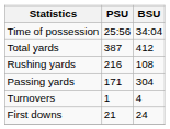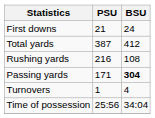 <table class="wikitable" style="float: left;">
 <tr>
 <th>Statistics</th>
 <th>PSU</th>
 <th>BSU</th>
 </tr>
 <tr>
-<td>Time of possession</td>
-<td>25:56</td>
-<td>34:04</td>
+<td>First downs</td>
+<td>21</td>
+<td>24</td>
 </tr>
 <tr>
 <td>Total yards</td>
 <td>387</td>
 <td>412</td>
 </tr>
 <tr>
 <td>Rushing yards</td>
 <td>216</td>
 <td>108</td>
 </tr>
 <tr>
 <td>Passing yards</td>
 <td>171</td>
-<td>304</td>
+<td><strong>304</strong></td>
 </tr>
 <tr>
 <td>Turnovers</td>
 <td>1</td>
 <td>4</td>
 </tr>
 <tr>
-<td>First downs</td>
-<td>21</td>
-<td>24</td>
+<td>Time of possession</td>
+<td>25:56</td>
+<td>34:04</td>
 </tr>
 <tr>
 </tr>
 </table>
